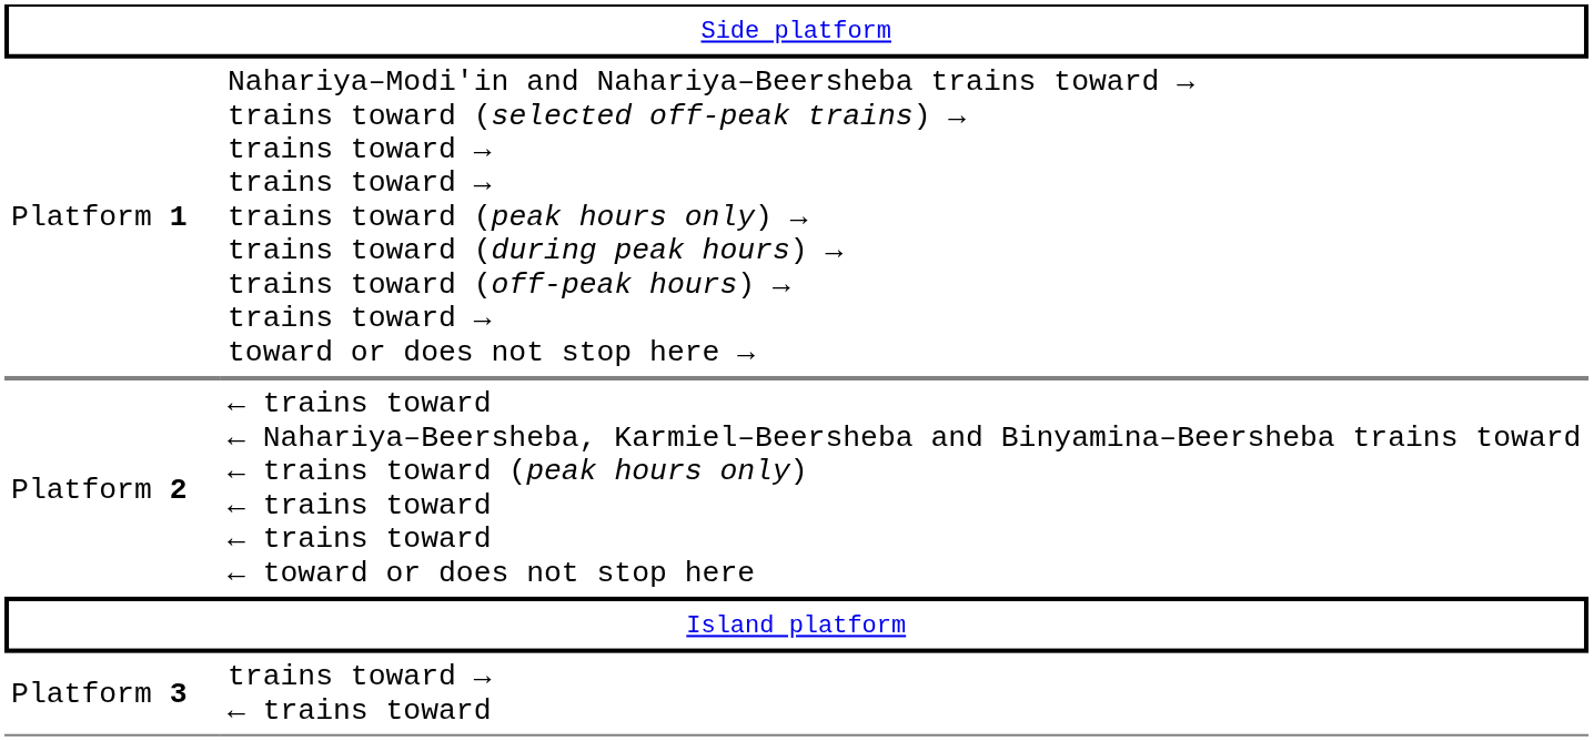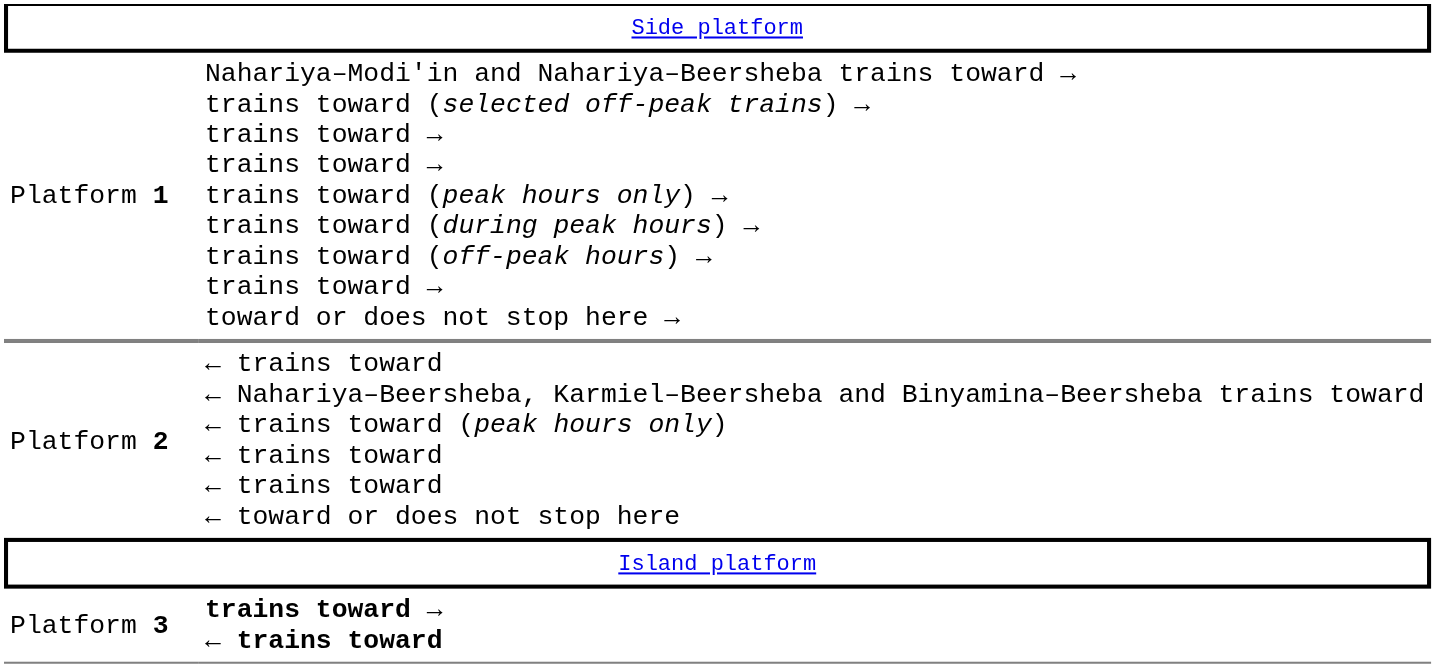 <table border=0 cellspacing=0 cellpadding=3>
 <tr>
 <td style="border-top:solid 1-x black;border-top:solid 1px black;border-right:solid 2px black;border-left:solid 2px black;border-bottom:solid 2px black;text-align:center;" colspan=2><small><a href='#'>Side platform</a></small></td>
 </tr>
 <tr>
 <td style="border-bottom:solid 1px gray;" width=90>Platform <strong>1</strong></td>
 <td style="border-bottom:solid 1px gray;">   Nahariya–Modi'in and Nahariya–Beersheba trains toward   →<br>  trains toward   (<em>selected off-peak trains</em>) →<br>  trains toward   →<br>  trains toward   →<br>  trains toward   (<em>peak hours only</em>) →<br>  trains toward   (<em>during peak hours</em>) →<br>  trains toward   (<em>off-peak hours</em>) →<br>  trains toward   →<br>  toward  or  does not stop here →</td>
 </tr>
 <tr>
 <td style="border-top:solid 1px gray;">Platform <strong>2</strong></td>
 <td style="border-top:solid 1px gray;">←  trains toward  <br>←    Nahariya–Beersheba, Karmiel–Beersheba and Binyamina–Beersheba trains toward  <br>←  trains toward   (<em>peak hours only</em>)<br>←  trains toward  <br>←  trains toward  <br>←  toward  or  does not stop here</td>
 </tr>
 <tr>
 <td style="border-top:solid 2px black;border-right:solid 2px black;border-left:solid 2px black;border-bottom:solid 2px black;text-align:center;" colspan=2><small><a href='#'>Island platform</a></small></td>
 </tr>
 <tr>
 <td style="border-bottom:solid 1px gray;">Platform <strong>3</strong></td>
-<td style="border-bottom:solid 1px gray;">  trains toward   →<br>←  trains toward  </td>
+<td style="border-bottom:solid 1px gray;"><strong>  trains toward   →<br>←  trains toward  </strong></td>
 </tr>
 </table>
